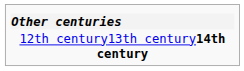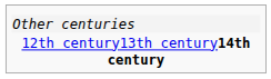 <table class="infobox" width="250">
 <tr>
 <td></td>
 </tr>
 <tr style="background-color:#f3f3f3">
-<td><strong><em>Other centuries</em></strong></td>
+<td><em>Other centuries</em></td>
 </tr>
 <tr>
 <td align="center"><a href='#'>12th century</a><a href='#'>13th century</a><strong>14th century</strong></td>
 </tr>
 </table>
